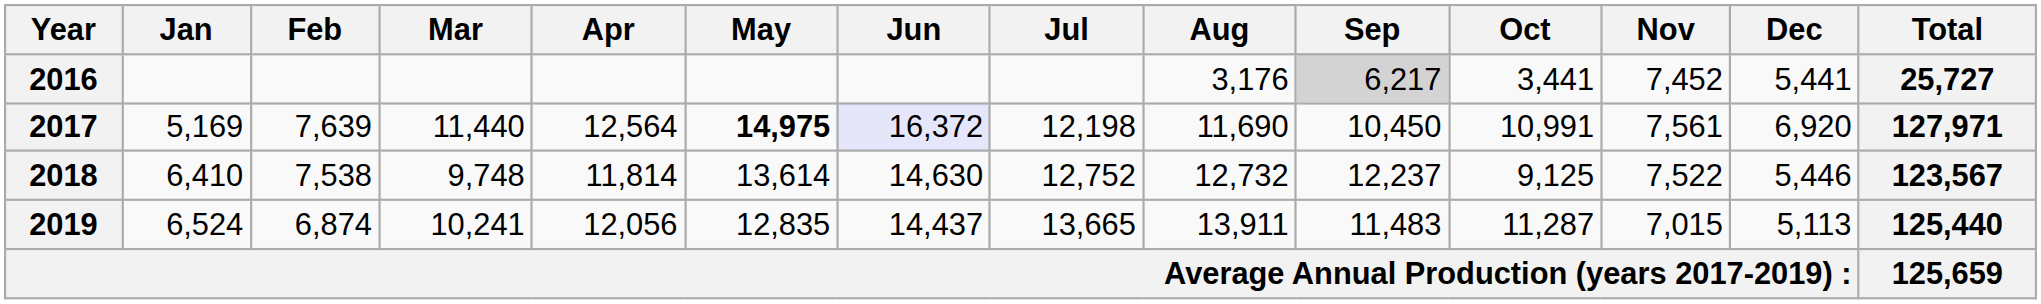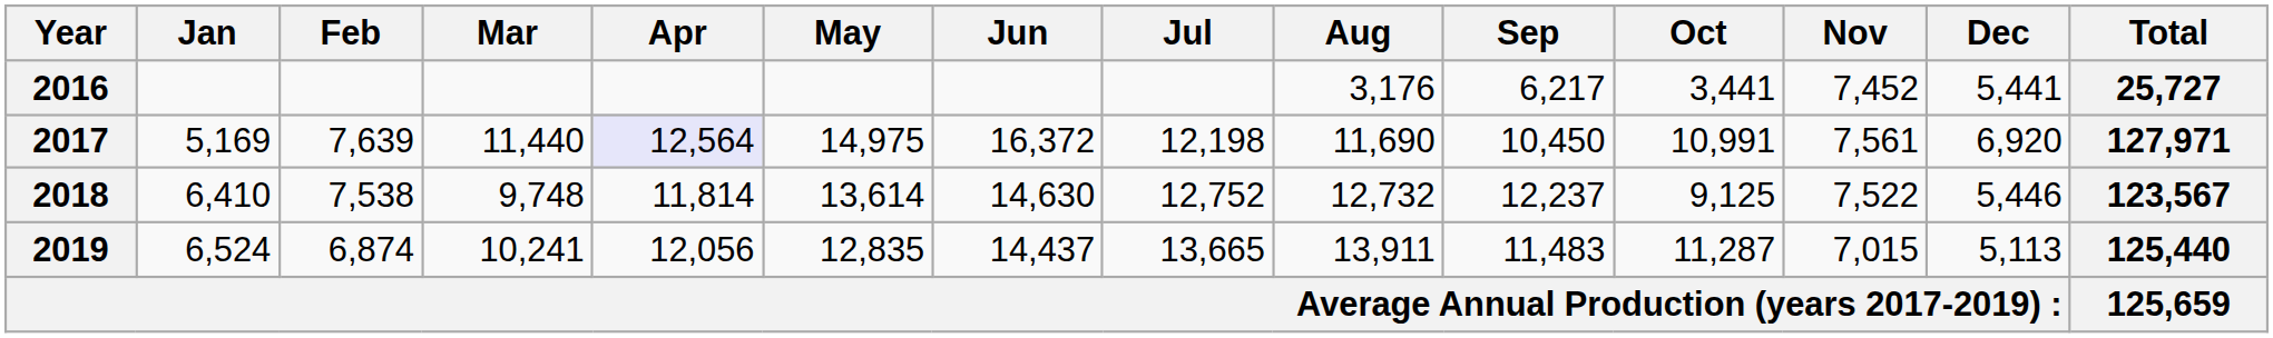 <table class=wikitable style="text-align:right; font-size:0.9em; width:950px;">
 <tr>
 <th>Year</th>
 <th>Jan</th>
 <th>Feb</th>
 <th>Mar</th>
 <th>Apr</th>
 <th>May</th>
 <th>Jun</th>
 <th>Jul</th>
 <th>Aug</th>
 <th>Sep</th>
 <th>Oct</th>
 <th>Nov</th>
 <th>Dec</th>
 <th>Total</th>
 </tr>
 <tr>
 <th>2016</th>
 <td></td>
 <td></td>
 <td></td>
 <td></td>
 <td></td>
 <td></td>
 <td></td>
 <td>3,176</td>
-<td style="background: lightgrey;">6,217</td>
+<td>6,217</td>
 <td>3,441</td>
 <td>7,452</td>
 <td>5,441</td>
 <th>25,727</th>
 </tr>
 <tr>
 <th>2017</th>
 <td>5,169</td>
 <td>7,639</td>
 <td>11,440</td>
-<td>12,564</td>
-<td><strong>14,975</strong></td>
-<td style="background: lavender;">16,372</td>
+<td style="background: lavender;">12,564</td>
+<td>14,975</td>
+<td>16,372</td>
 <td>12,198</td>
 <td>11,690</td>
 <td>10,450</td>
 <td>10,991</td>
 <td>7,561</td>
 <td>6,920</td>
 <th>127,971</th>
 </tr>
 <tr>
 <th>2018</th>
 <td>6,410</td>
 <td>7,538</td>
 <td>9,748</td>
 <td>11,814</td>
 <td>13,614</td>
 <td>14,630</td>
 <td>12,752</td>
 <td>12,732</td>
 <td>12,237</td>
 <td>9,125</td>
 <td>7,522</td>
 <td>5,446</td>
 <th>123,567</th>
 </tr>
 <tr>
 <th>2019</th>
 <td>6,524</td>
 <td>6,874</td>
 <td>10,241</td>
 <td>12,056</td>
 <td>12,835</td>
 <td>14,437</td>
 <td>13,665</td>
 <td>13,911</td>
 <td>11,483</td>
 <td>11,287</td>
 <td>7,015</td>
 <td>5,113</td>
 <th>125,440</th>
 </tr>
 <tr>
 <th colspan=13 style="text-align:right">Average Annual Production (years 2017-2019) :</th>
 <th>125,659</th>
 </tr>
 </table>
